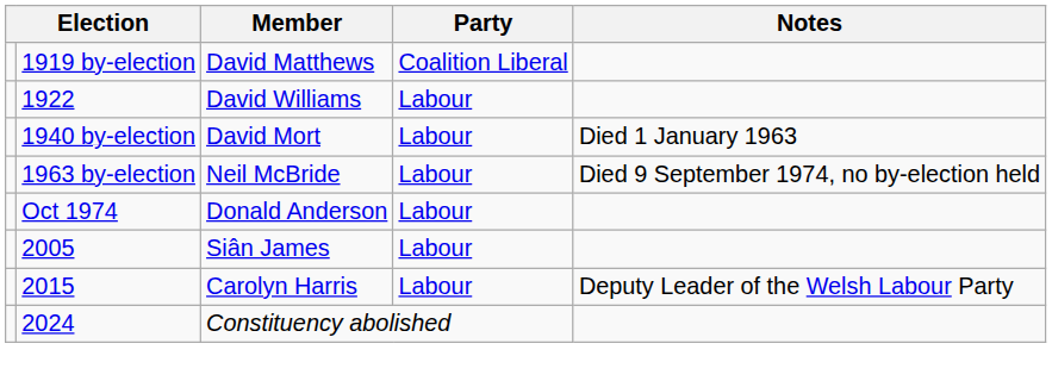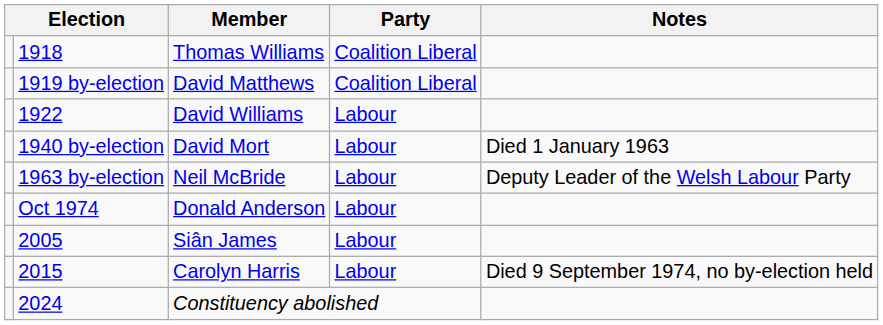 <table class="wikitable">
 <tr>
 <th colspan="2">Election</th>
 <th>Member</th>
 <th>Party</th>
 <th>Notes</th>
+</tr>
+<tr>
+<td style="color:inherit;background-color: "></td>
+<td><a href='#'>1918</a></td>
+<td><a href='#'>Thomas Williams</a></td>
+<td><a href='#'>Coalition Liberal</a></td>
+<td></td>
 </tr>
 <tr>
 <td style="color:inherit;background-color: "></td>
 <td><a href='#'>1919 by-election</a></td>
 <td><a href='#'>David Matthews</a></td>
 <td><a href='#'>Coalition Liberal</a></td>
 <td></td>
 </tr>
 <tr>
 <td style="color:inherit;background-color: "></td>
 <td><a href='#'>1922</a></td>
 <td><a href='#'>David Williams</a></td>
 <td><a href='#'>Labour</a></td>
 <td></td>
 </tr>
 <tr>
 <td style="color:inherit;background-color: "></td>
 <td><a href='#'>1940 by-election</a></td>
 <td><a href='#'>David Mort</a></td>
 <td><a href='#'>Labour</a></td>
 <td>Died 1 January 1963</td>
 </tr>
 <tr>
 <td style="color:inherit;background-color: "></td>
 <td><a href='#'>1963 by-election</a></td>
 <td><a href='#'>Neil McBride</a></td>
 <td><a href='#'>Labour</a></td>
-<td>Died 9 September 1974, no by-election held</td>
+<td>Deputy Leader of the <a href='#'>Welsh Labour</a> Party</td>
 </tr>
 <tr>
 <td style="color:inherit;background-color: "></td>
 <td><a href='#'>Oct 1974</a></td>
 <td><a href='#'>Donald Anderson</a></td>
 <td><a href='#'>Labour</a></td>
 <td></td>
 </tr>
 <tr>
 <td style="color:inherit;background-color: "></td>
 <td><a href='#'>2005</a></td>
 <td><a href='#'>Siân James</a></td>
 <td><a href='#'>Labour</a></td>
 <td></td>
 </tr>
 <tr>
 <td style="color:inherit;background-color: "></td>
 <td><a href='#'>2015</a></td>
 <td><a href='#'>Carolyn Harris</a></td>
 <td><a href='#'>Labour</a></td>
-<td>Deputy Leader of the <a href='#'>Welsh Labour</a> Party</td>
+<td>Died 9 September 1974, no by-election held</td>
 </tr>
 <tr>
 <td></td>
 <td><a href='#'>2024</a></td>
 <td colspan="2"><em>Constituency abolished</em></td>
 </tr>
 </table>
